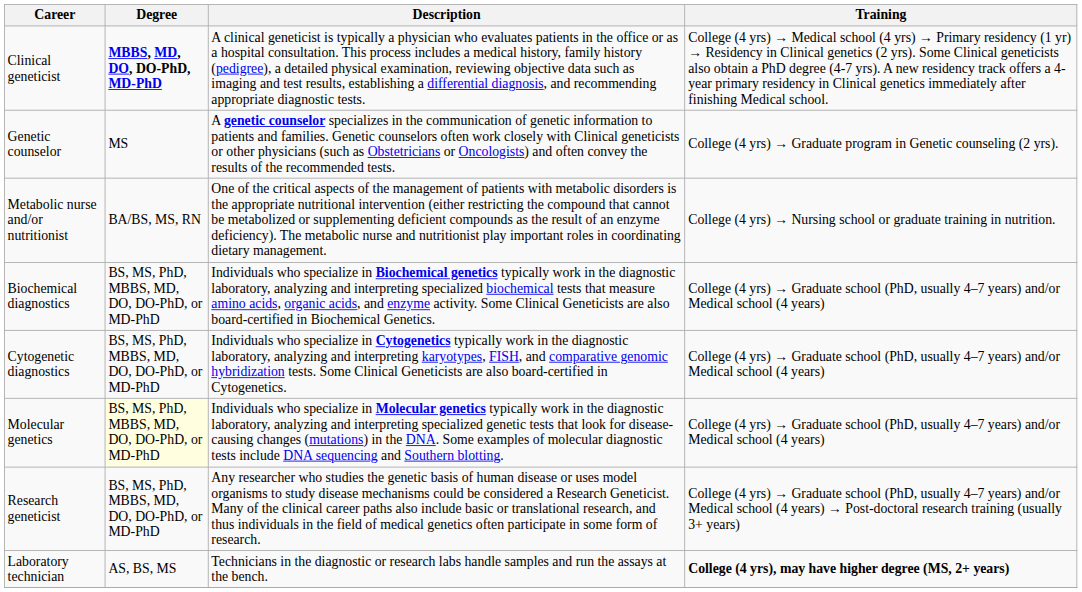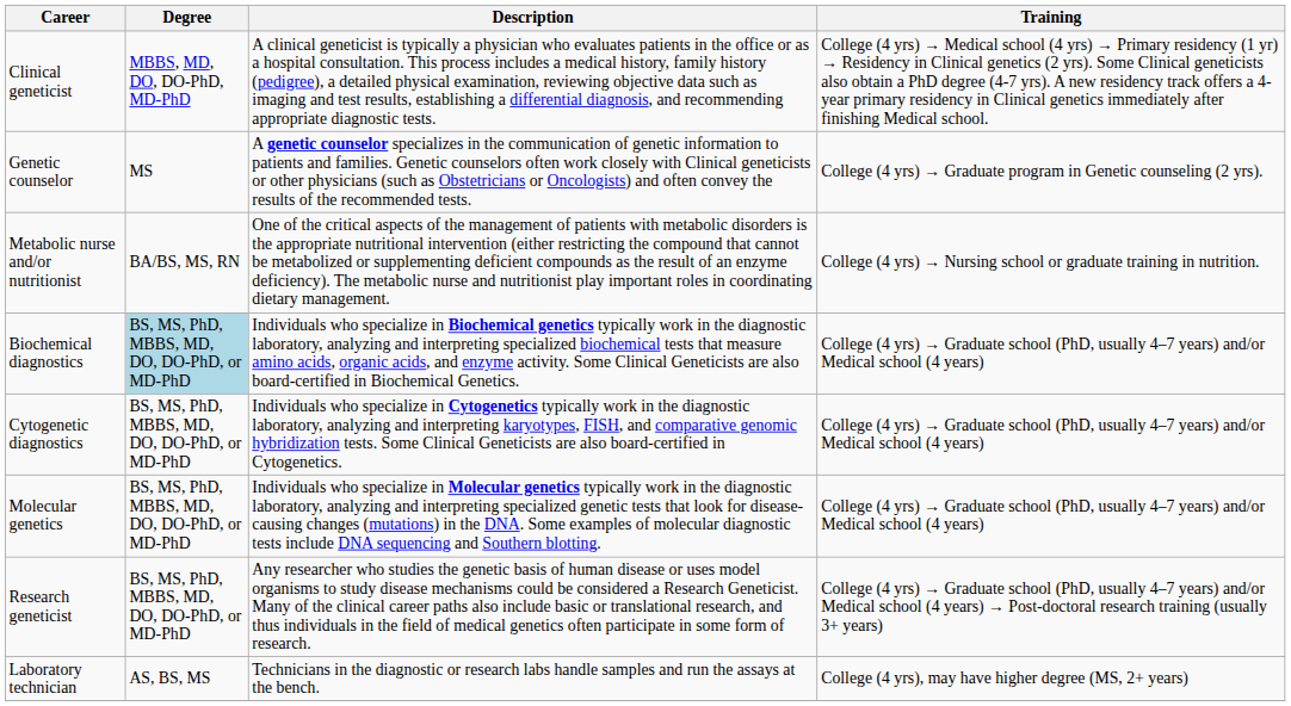 <table class="wikitable">
 <tr>
 <th>Career</th>
 <th>Degree</th>
 <th>Description</th>
 <th>Training</th>
 </tr>
 <tr>
 <td>Clinical geneticist</td>
-<td><strong><a href='#'>MBBS</a>, <a href='#'>MD</a>, <a href='#'>DO</a>, DO-PhD, <a href='#'>MD-PhD</a></strong></td>
+<td><a href='#'>MBBS</a>, <a href='#'>MD</a>, <a href='#'>DO</a>, DO-PhD, <a href='#'>MD-PhD</a></td>
 <td>A clinical geneticist is typically a physician who evaluates patients in the office or as a hospital consultation. This process includes a medical history, family history (<a href='#'>pedigree</a>), a detailed physical examination, reviewing objective data such as imaging and test results, establishing a <a href='#'>differential diagnosis</a>, and recommending appropriate diagnostic tests.</td>
 <td>College (4 yrs) → Medical school (4 yrs) → Primary residency (1 yr) → Residency in Clinical genetics (2 yrs). Some Clinical geneticists also obtain a PhD degree (4-7 yrs). A new residency track offers a 4-year primary residency in Clinical genetics immediately after finishing Medical school.</td>
 </tr>
 <tr>
 <td>Genetic counselor</td>
 <td>MS</td>
 <td>A <strong><a href='#'>genetic counselor</a></strong> specializes in the communication of genetic information to patients and families. Genetic counselors often work closely with Clinical geneticists or other physicians (such as <a href='#'>Obstetricians</a> or <a href='#'>Oncologists</a>) and often convey the results of the recommended tests.</td>
 <td>College (4 yrs) → Graduate program in Genetic counseling (2 yrs).</td>
 </tr>
 <tr>
 <td>Metabolic nurse and/or nutritionist</td>
 <td>BA/BS, MS, RN</td>
 <td>One of the critical aspects of the management of patients with metabolic disorders is the appropriate nutritional intervention (either restricting the compound that cannot be metabolized or supplementing deficient compounds as the result of an enzyme deficiency). The metabolic nurse and nutritionist play important roles in coordinating dietary management.</td>
 <td>College (4 yrs) → Nursing school or graduate training in nutrition.</td>
 </tr>
 <tr>
 <td>Biochemical diagnostics</td>
-<td>BS, MS, PhD, MBBS, MD, DO, DO-PhD, or MD-PhD</td>
+<td style="background: lightblue;">BS, MS, PhD, MBBS, MD, DO, DO-PhD, or MD-PhD</td>
 <td>Individuals who specialize in <strong><a href='#'>Biochemical genetics</a></strong> typically work in the diagnostic laboratory, analyzing and interpreting specialized <a href='#'>biochemical</a> tests that measure <a href='#'>amino acids</a>, <a href='#'>organic acids</a>, and <a href='#'>enzyme</a> activity. Some Clinical Geneticists are also board-certified in Biochemical Genetics.</td>
 <td>College (4 yrs) → Graduate school (PhD, usually 4–7 years) and/or Medical school (4 years)</td>
 </tr>
 <tr>
 <td>Cytogenetic diagnostics</td>
 <td>BS, MS, PhD, MBBS, MD, DO, DO-PhD, or MD-PhD</td>
 <td>Individuals who specialize in <strong><a href='#'>Cytogenetics</a></strong> typically work in the diagnostic laboratory, analyzing and interpreting <a href='#'>karyotypes</a>, <a href='#'>FISH</a>, and <a href='#'>comparative genomic hybridization</a> tests. Some Clinical Geneticists are also board-certified in Cytogenetics.</td>
 <td>College (4 yrs) → Graduate school (PhD, usually 4–7 years) and/or Medical school (4 years)</td>
 </tr>
 <tr>
 <td>Molecular genetics</td>
-<td style="background: lightyellow;">BS, MS, PhD, MBBS, MD, DO, DO-PhD, or MD-PhD</td>
+<td>BS, MS, PhD, MBBS, MD, DO, DO-PhD, or MD-PhD</td>
 <td>Individuals who specialize in <strong><a href='#'>Molecular genetics</a></strong> typically work in the diagnostic laboratory, analyzing and interpreting specialized genetic tests that look for disease-causing changes (<a href='#'>mutations</a>) in the <a href='#'>DNA</a>. Some examples of molecular diagnostic tests include <a href='#'>DNA sequencing</a> and <a href='#'>Southern blotting</a>.</td>
 <td>College (4 yrs) → Graduate school (PhD, usually 4–7 years) and/or Medical school (4 years)</td>
 </tr>
 <tr>
 <td>Research geneticist</td>
 <td>BS, MS, PhD, MBBS, MD, DO, DO-PhD, or MD-PhD</td>
 <td>Any researcher who studies the genetic basis of human disease or uses model organisms to study disease mechanisms could be considered a Research Geneticist. Many of the clinical career paths also include basic or translational research, and thus individuals in the field of medical genetics often participate in some form of research.</td>
 <td>College (4 yrs) → Graduate school (PhD, usually 4–7 years) and/or Medical school (4 years) → Post-doctoral research training (usually 3+ years)</td>
 </tr>
 <tr>
 <td>Laboratory technician</td>
 <td>AS, BS, MS</td>
 <td>Technicians in the diagnostic or research labs handle samples and run the assays at the bench.</td>
-<td><strong>College (4 yrs), may have higher degree (MS, 2+ years)</strong></td>
+<td>College (4 yrs), may have higher degree (MS, 2+ years)</td>
 </tr>
 <tr>
 </tr>
 </table>
